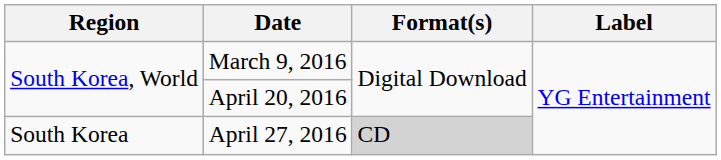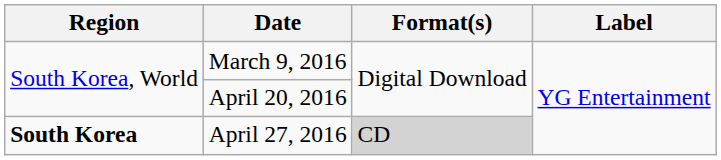 <table class="wikitable">
 <tr>
 <th>Region</th>
 <th>Date</th>
 <th>Format(s)</th>
 <th>Label</th>
 </tr>
 <tr>
 <td rowspan="2"><a href='#'>South Korea</a>, World</td>
 <td>March 9, 2016</td>
 <td rowspan="2">Digital Download</td>
 <td rowspan="3"><a href='#'>YG Entertainment</a></td>
 </tr>
 <tr>
 <td>April 20, 2016</td>
 </tr>
 <tr>
-<td>South Korea</td>
+<td><strong>South Korea</strong></td>
 <td>April 27, 2016</td>
 <td style="background: lightgrey;">CD</td>
 </tr>
 </table>
